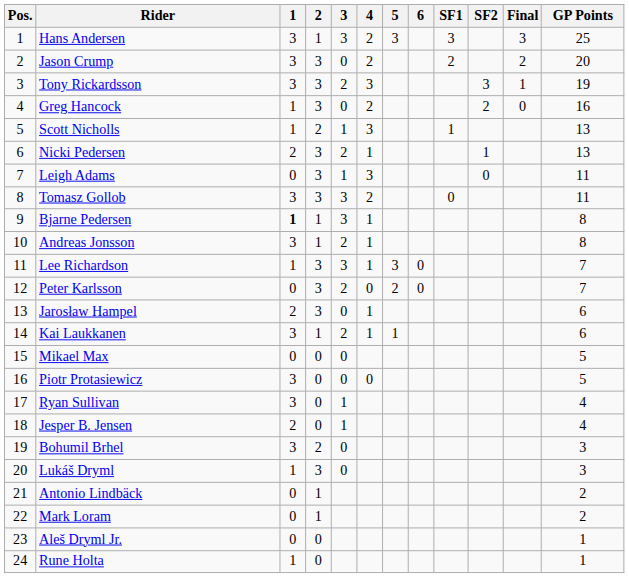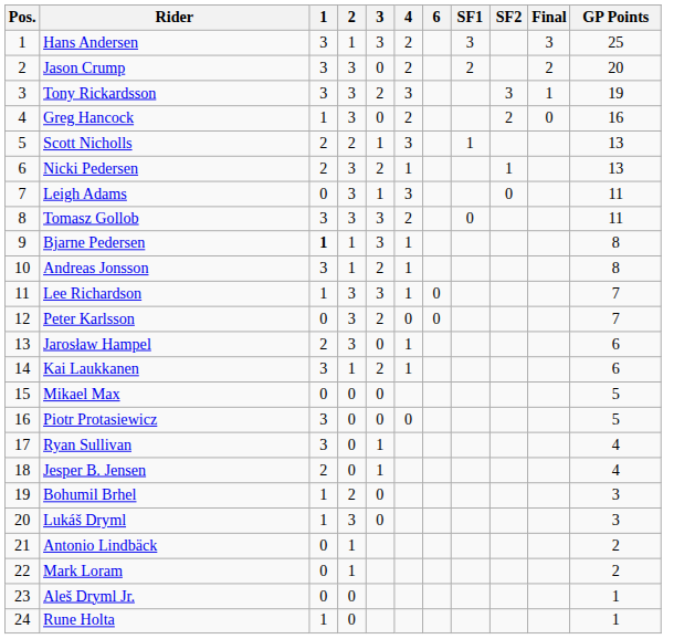 <table class=wikitable style="font-size:93%;">
 <tr>
 <th width=25px>Pos.</th>
 <th width=250px>Rider</th>
 <th width=20px>1</th>
 <th width=20px>2</th>
 <th width=20px>3</th>
 <th width=20px>4</th>
-<th width=20px>5</th>
 <th width=20px>6</th>
 <th width=30px>SF1</th>
 <th width=30px>SF2</th>
 <th width=30px>Final</th>
 <th width=80px>GP Points</th>
 </tr>
 <tr align=center style="background-color:">
 <td>1</td>
 <td align=left> <a href='#'>Hans Andersen</a></td>
 <td>3</td>
 <td>1</td>
 <td>3</td>
 <td>2</td>
-<td>3</td>
 <td></td>
 <td>  3</td>
 <td></td>
 <td>3</td>
 <td>25</td>
 </tr>
 <tr align=center style="background-color:">
 <td>2</td>
 <td align=left> <a href='#'>Jason Crump</a></td>
 <td>3</td>
 <td>3</td>
 <td>0</td>
 <td>2</td>
-<td></td>
 <td></td>
 <td> 2</td>
 <td></td>
 <td>2</td>
 <td>20</td>
 </tr>
 <tr align=center style="background-color:">
 <td>3</td>
 <td align=left> <a href='#'>Tony Rickardsson</a></td>
 <td>3</td>
 <td>3</td>
 <td>2</td>
 <td>3</td>
 <td></td>
 <td></td>
-<td></td>
 <td>3</td>
 <td>1</td>
 <td>19</td>
 </tr>
 <tr align=center>
 <td>4</td>
 <td align=left> <a href='#'>Greg Hancock</a></td>
 <td>1</td>
 <td>3</td>
 <td>0</td>
 <td>2</td>
 <td></td>
 <td></td>
-<td></td>
 <td>2</td>
 <td>0</td>
 <td>16</td>
 </tr>
 <tr align=center>
 <td>5</td>
 <td align=left> <a href='#'>Scott Nicholls</a></td>
-<td>1</td>
+<td>2</td>
 <td>2</td>
 <td>1</td>
 <td>3</td>
-<td></td>
 <td></td>
 <td>1</td>
 <td></td>
 <td></td>
 <td>13</td>
 </tr>
 <tr align=center>
 <td>6</td>
 <td align=left> <a href='#'>Nicki Pedersen</a></td>
 <td>2</td>
 <td>3</td>
 <td>2</td>
 <td>1</td>
 <td></td>
 <td></td>
-<td></td>
 <td>1</td>
 <td></td>
 <td>13</td>
 </tr>
 <tr align=center>
 <td>7</td>
 <td align=left> <a href='#'>Leigh Adams</a></td>
 <td>0</td>
 <td>3</td>
 <td>1</td>
 <td>3</td>
 <td></td>
 <td></td>
-<td></td>
 <td>0</td>
 <td></td>
 <td>11</td>
 </tr>
 <tr align=center>
 <td>8</td>
 <td align=left> <a href='#'>Tomasz Gollob</a></td>
 <td>3</td>
 <td>3</td>
 <td>3</td>
 <td>2</td>
-<td></td>
 <td></td>
 <td>0</td>
 <td></td>
 <td></td>
 <td>11</td>
 </tr>
 <tr align=center>
 <td>9</td>
 <td align=left> <a href='#'>Bjarne Pedersen</a></td>
 <td><strong>1</strong></td>
 <td>1</td>
 <td>3</td>
 <td>1</td>
 <td></td>
 <td></td>
 <td></td>
 <td></td>
-<td></td>
 <td>8</td>
 </tr>
 <tr align=center>
 <td>10</td>
 <td align=left> <a href='#'>Andreas Jonsson</a></td>
 <td>3</td>
 <td>1</td>
 <td>2</td>
 <td>1</td>
 <td></td>
 <td></td>
 <td></td>
 <td></td>
-<td></td>
 <td>8</td>
 </tr>
 <tr align=center>
 <td>11</td>
 <td align=left> <a href='#'>Lee Richardson</a></td>
 <td>1</td>
 <td>3</td>
 <td>3</td>
 <td>1</td>
-<td>3</td>
 <td>0</td>
 <td></td>
 <td></td>
 <td></td>
 <td>7</td>
 </tr>
 <tr align=center>
 <td>12</td>
 <td align=left> <a href='#'>Peter Karlsson</a></td>
 <td>0</td>
 <td>3</td>
 <td>2</td>
 <td>0</td>
-<td>2</td>
 <td>0</td>
 <td></td>
 <td></td>
 <td></td>
 <td>7</td>
 </tr>
 <tr align=center>
 <td>13</td>
 <td align=left> <a href='#'>Jarosław Hampel</a></td>
 <td>2</td>
 <td>3</td>
 <td>0</td>
 <td>1</td>
 <td></td>
 <td></td>
 <td></td>
 <td></td>
-<td></td>
 <td>6</td>
 </tr>
 <tr align=center>
 <td>14</td>
 <td align=left> <a href='#'>Kai Laukkanen</a></td>
 <td>3</td>
 <td>1</td>
 <td>2</td>
-<td>1</td>
 <td>1</td>
 <td></td>
 <td></td>
 <td></td>
 <td></td>
 <td>6</td>
 </tr>
 <tr align=center>
 <td>15</td>
 <td align=left> <a href='#'>Mikael Max</a></td>
 <td>0</td>
 <td>0</td>
 <td>0</td>
 <td></td>
 <td></td>
 <td></td>
 <td></td>
 <td></td>
-<td></td>
 <td>5</td>
 </tr>
 <tr align=center>
 <td>16</td>
 <td align=left> <a href='#'>Piotr Protasiewicz</a></td>
 <td>3</td>
 <td>0</td>
 <td>0</td>
 <td>0</td>
 <td></td>
 <td></td>
 <td></td>
 <td></td>
-<td></td>
 <td>5</td>
 </tr>
 <tr align=center>
 <td>17</td>
 <td align=left> <a href='#'>Ryan Sullivan</a></td>
 <td>3</td>
 <td>0</td>
 <td>1</td>
-<td></td>
 <td></td>
 <td></td>
 <td></td>
 <td></td>
 <td></td>
 <td>4</td>
 </tr>
 <tr align=center>
 <td>18</td>
 <td align=left> <a href='#'>Jesper B. Jensen</a></td>
 <td>2</td>
 <td>0</td>
 <td>1</td>
 <td></td>
 <td></td>
 <td></td>
 <td></td>
 <td></td>
-<td></td>
 <td>4</td>
 </tr>
 <tr align=center>
 <td>19</td>
 <td align=left> <a href='#'>Bohumil Brhel</a></td>
-<td>3</td>
+<td>1</td>
 <td>2</td>
 <td>0</td>
-<td></td>
 <td></td>
 <td></td>
 <td></td>
 <td></td>
 <td></td>
 <td>3</td>
 </tr>
 <tr align=center>
 <td>20</td>
 <td align=left> <a href='#'>Lukáš Dryml</a></td>
 <td>1</td>
 <td>3</td>
 <td>0</td>
 <td></td>
 <td></td>
 <td></td>
 <td></td>
 <td></td>
-<td></td>
 <td>3</td>
 </tr>
 <tr align=center>
 <td>21</td>
 <td align=left> <a href='#'>Antonio Lindbäck</a></td>
 <td>0</td>
 <td>1</td>
-<td></td>
 <td></td>
 <td></td>
 <td></td>
 <td></td>
 <td></td>
 <td></td>
 <td>2</td>
 </tr>
 <tr align=center>
 <td>22</td>
 <td align=left> <a href='#'>Mark Loram</a></td>
 <td>0</td>
 <td>1</td>
 <td></td>
 <td></td>
 <td></td>
 <td></td>
 <td></td>
 <td></td>
-<td></td>
 <td>2</td>
 </tr>
 <tr align=center>
 <td>23</td>
 <td align=left> <a href='#'>Aleš Dryml Jr.</a></td>
 <td>0</td>
 <td>0</td>
-<td></td>
 <td></td>
 <td></td>
 <td></td>
 <td></td>
 <td></td>
 <td></td>
 <td>1</td>
 </tr>
 <tr align=center>
 <td>24</td>
 <td align=left> <a href='#'>Rune Holta</a></td>
 <td>1</td>
 <td>0</td>
 <td></td>
 <td></td>
 <td></td>
 <td></td>
 <td></td>
 <td></td>
-<td></td>
 <td>1</td>
 </tr>
 </table>
